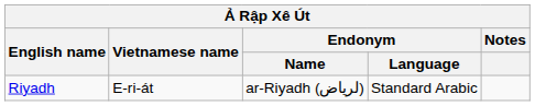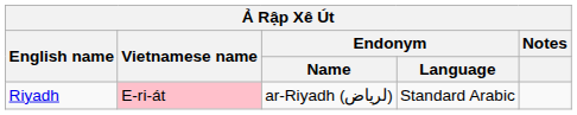 <table class="wikitable sortable">
 <tr>
 <th colspan="5"> <strong>Ả Rập Xê Út</strong></th>
 </tr>
 <tr>
 <th rowspan="2">English name</th>
 <th rowspan="2">Vietnamese name</th>
 <th colspan="2">Endonym</th>
 <th>Notes</th>
 </tr>
 <tr>
 <th>Name</th>
 <th>Language</th>
 <th></th>
 </tr>
 <tr>
 <td><a href='#'>Riyadh</a></td>
-<td>E-ri-át</td>
+<td style="background: pink;">E-ri-át</td>
 <td>ar-Riyadh (لرياض)</td>
 <td>Standard Arabic</td>
 </tr>
 </table>
